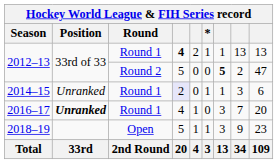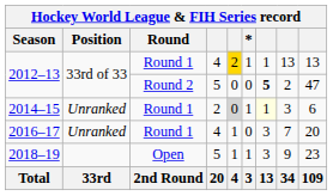 <table class="wikitable" style="text-align: center;">
 <tr>
 <th colspan=9><a href='#'>Hockey World League</a> & <a href='#'>FIH Series</a> record</th>
 </tr>
 <tr>
 <th>Season</th>
 <th>Position</th>
 <th>Round</th>
 <th></th>
 <th></th>
 <th> *</th>
 <th></th>
 <th></th>
 <th></th>
 </tr>
 <tr>
 <td rowspan=2><a href='#'>2012–13</a></td>
 <td rowspan=2>33rd of 33</td>
 <td><a href='#'>Round 1</a></td>
-<td><strong>4</strong></td>
-<td>2</td>
+<td>4</td>
+<td style="background: gold;">2</td>
 <td>1</td>
 <td>1</td>
 <td>13</td>
 <td>13</td>
 </tr>
 <tr>
 <td><a href='#'>Round 2</a></td>
 <td>5</td>
 <td>0</td>
 <td>0</td>
 <td><strong>5</strong></td>
 <td>2</td>
 <td>47</td>
 </tr>
 <tr>
 <td><a href='#'>2014–15</a></td>
 <td><em>Unranked</em></td>
 <td><a href='#'>Round 1</a></td>
-<td style="background: lavender;">2</td>
-<td>0</td>
+<td>2</td>
+<td style="background: lightgrey;">0</td>
 <td>1</td>
-<td>1</td>
+<td style="background: lightyellow;">1</td>
 <td>3</td>
 <td>6</td>
 </tr>
 <tr>
 <td><a href='#'>2016–17</a></td>
-<td><strong><em>Unranked</em></strong></td>
+<td><em>Unranked</em></td>
 <td><a href='#'>Round 1</a></td>
 <td>4</td>
 <td>1</td>
 <td>0</td>
 <td>3</td>
 <td>7</td>
 <td>20</td>
 </tr>
 <tr>
 <td><a href='#'>2018–19</a></td>
 <td></td>
 <td><a href='#'>Open</a></td>
 <td>5</td>
 <td>1</td>
 <td>1</td>
 <td>3</td>
 <td>9</td>
 <td>23</td>
 </tr>
 <tr>
 <th>Total</th>
 <th>33rd</th>
 <th>2nd Round</th>
 <th>20</th>
 <th>4</th>
 <th>3</th>
 <th>13</th>
 <th>34</th>
 <th>109</th>
 </tr>
 </table>
